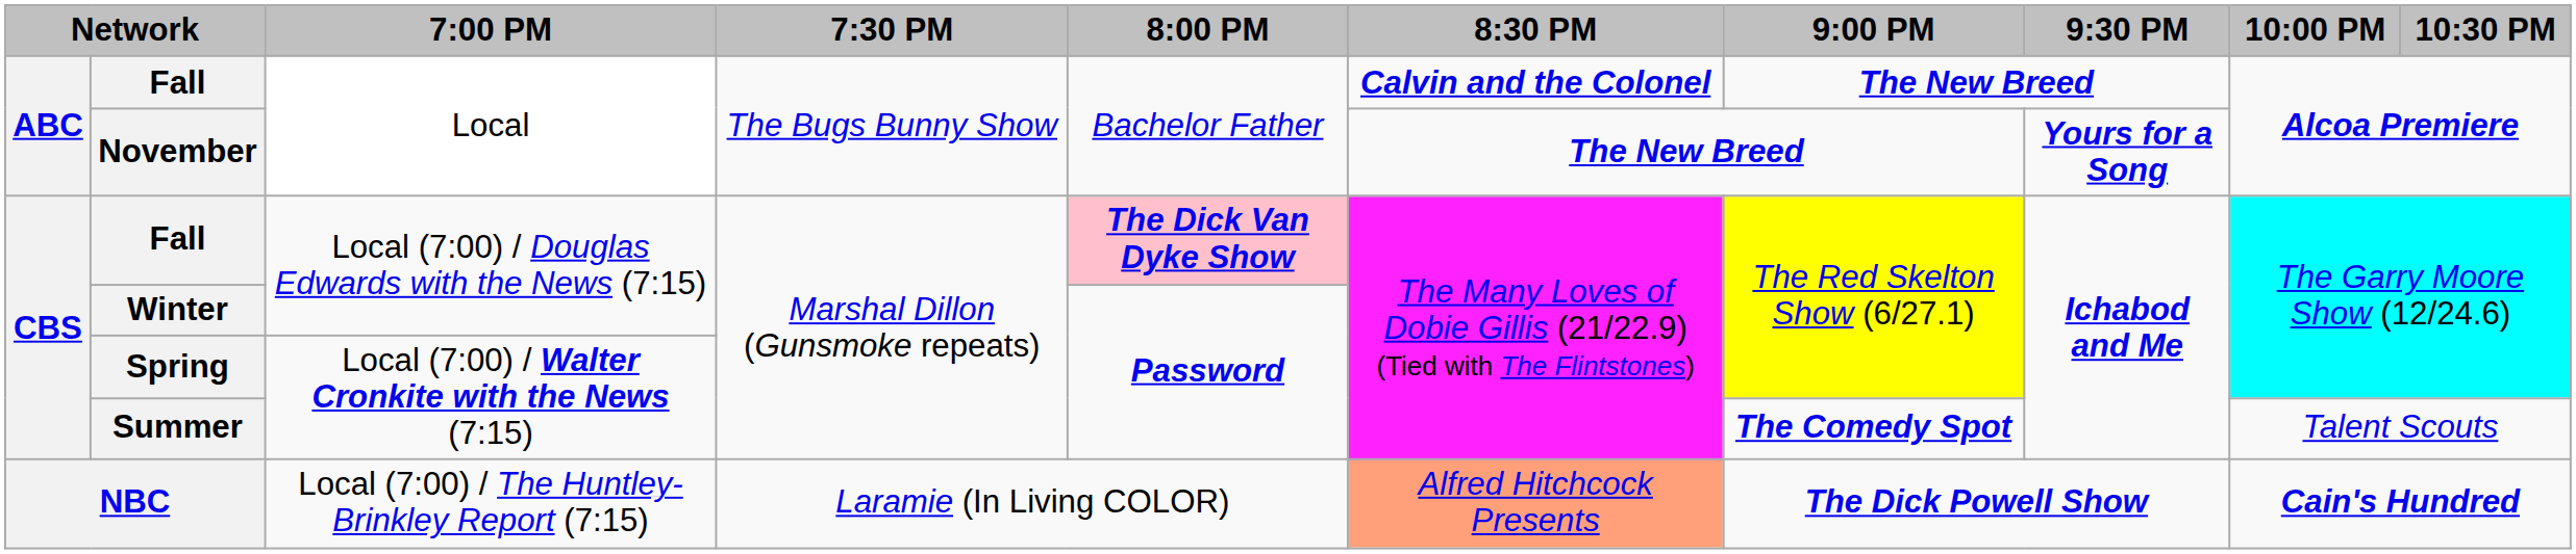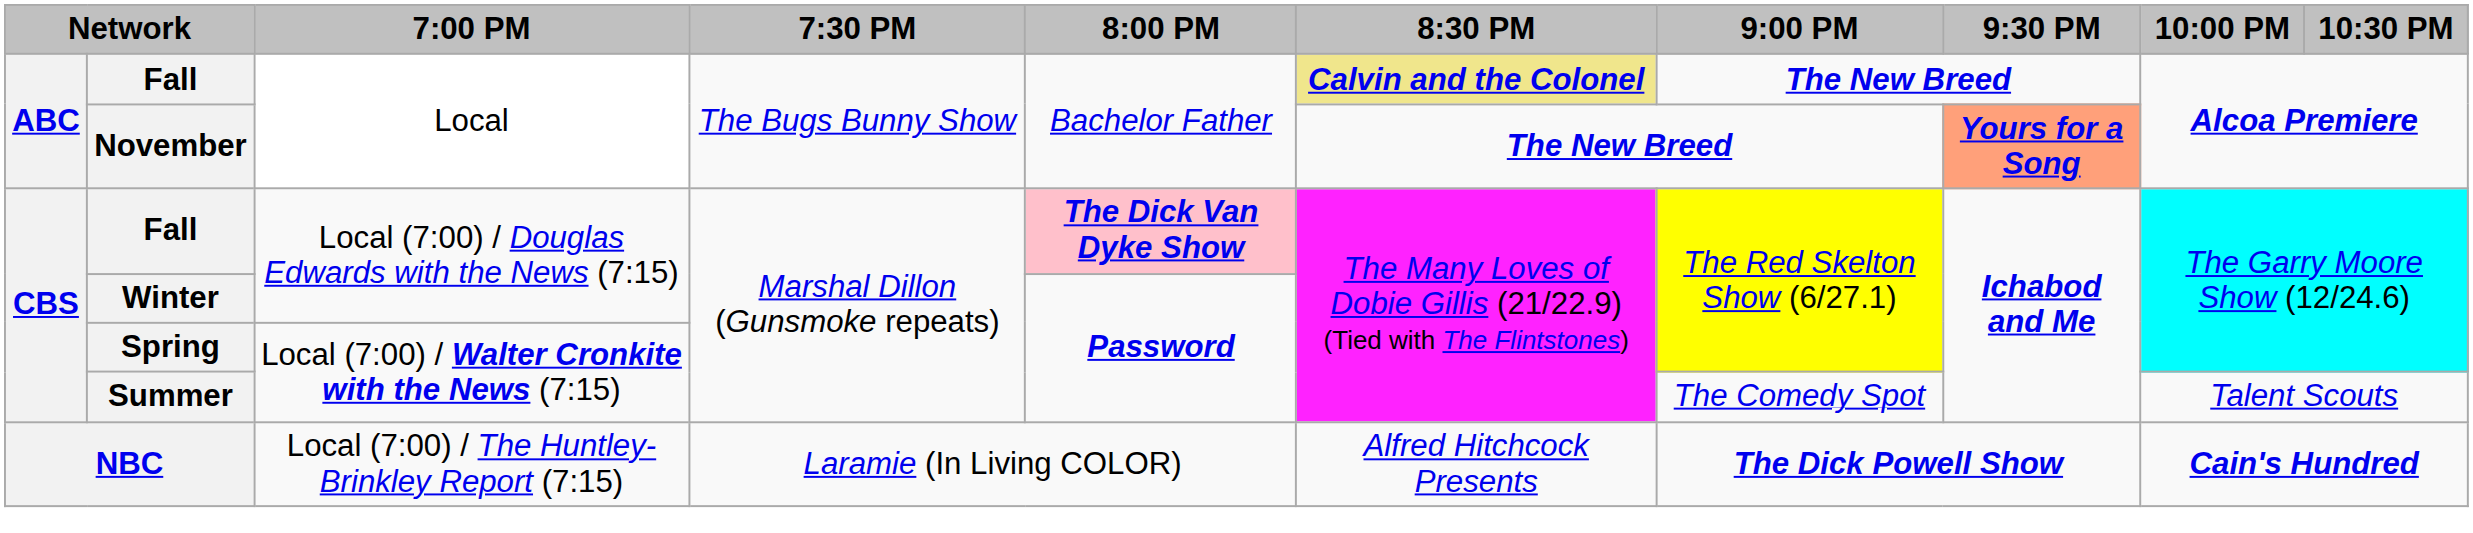 <table class="wikitable" style="width:100%;margin-right:0;text-align:center">
 <tr>
 <th colspan="2" style="background-color:#C0C0C0;text-align:center">Network</th>
 <th style="background-color:#C0C0C0;text-align:center">7:00 PM</th>
 <th style="background-color:#C0C0C0;text-align:center">7:30 PM</th>
 <th style="background-color:#C0C0C0;text-align:center">8:00 PM</th>
 <th style="background-color:#C0C0C0;text-align:center">8:30 PM</th>
 <th style="background-color:#C0C0C0;text-align:center">9:00 PM</th>
 <th style="background-color:#C0C0C0;text-align:center">9:30 PM</th>
 <th style="background-color:#C0C0C0;text-align:center">10:00 PM</th>
 <th style="background-color:#C0C0C0;text-align:center">10:30 PM</th>
 </tr>
 <tr>
 <th rowspan="2"><a href='#'>ABC</a></th>
 <th>Fall</th>
 <td bgcolor="white" rowspan="2">Local</td>
 <td rowspan="2"><em><a href='#'>The Bugs Bunny Show</a></em></td>
 <td rowspan="2"><em><a href='#'>Bachelor Father</a></em></td>
-<td><strong><em><a href='#'>Calvin and the Colonel</a></em></strong></td>
+<td style="background: khaki;"><strong><em><a href='#'>Calvin and the Colonel</a></em></strong></td>
 <td colspan="2"><strong><em><a href='#'>The New Breed</a></em></strong></td>
 <td rowspan="2" colspan="2"><strong><em><a href='#'>Alcoa Premiere</a></em></strong></td>
 </tr>
 <tr>
 <th>November</th>
 <td colspan="2"><strong><em><a href='#'>The New Breed</a></em></strong></td>
-<td><strong><em><a href='#'>Yours for a Song</a></em></strong></td>
+<td style="background: lightsalmon;"><strong><em><a href='#'>Yours for a Song</a></em></strong></td>
 </tr>
 <tr>
 <th rowspan="4"><a href='#'>CBS</a></th>
 <th>Fall</th>
 <td rowspan="2">Local (7:00) / <em><a href='#'>Douglas Edwards with the News</a></em> (7:15)</td>
 <td rowspan="4"><em><a href='#'>Marshal Dillon</a></em> (<em>Gunsmoke</em> repeats)</td>
 <td style="background: pink;"><strong><em><a href='#'>The Dick Van Dyke Show</a></em></strong></td>
 <td bgcolor="#FF22FF" rowspan="4"><em><a href='#'>The Many Loves of Dobie Gillis</a></em> (21/22.9)<br><small>(Tied with <em><a href='#'>The Flintstones</a></em>)</small></td>
 <td bgcolor="#FFFF00" rowspan="3"><em><a href='#'>The Red Skelton Show</a></em> (6/27.1)</td>
 <td rowspan="4"><strong><em><a href='#'>Ichabod and Me</a></em></strong></td>
 <td bgcolor="#00FFFF" rowspan="3" colspan="2"><em><a href='#'>The Garry Moore Show</a></em> (12/24.6)</td>
 </tr>
 <tr>
 <th>Winter</th>
 <td rowspan="3"><strong><em><a href='#'>Password</a></em></strong></td>
 </tr>
 <tr>
 <th>Spring</th>
 <td rowspan="2">Local (7:00) / <strong><em><a href='#'>Walter Cronkite with the News</a></em></strong> (7:15)</td>
 </tr>
 <tr>
 <th>Summer</th>
-<td><strong><em><a href='#'>The Comedy Spot</a></em></strong></td>
+<td><em><a href='#'>The Comedy Spot</a></em></td>
 <td colspan="2"><em><a href='#'>Talent Scouts</a></em></td>
 </tr>
 <tr>
 <th colspan="2"><a href='#'>NBC</a></th>
 <td>Local (7:00) / <em><a href='#'>The Huntley-Brinkley Report</a></em> (7:15)</td>
 <td colspan="2"><em><a href='#'>Laramie</a></em> (In Living <span>C</span><span>O</span><span>L</span><span>O</span><span>R</span>)</td>
-<td style="background: lightsalmon;"><em><a href='#'>Alfred Hitchcock Presents</a></em></td>
+<td><em><a href='#'>Alfred Hitchcock Presents</a></em></td>
 <td colspan="2"><strong><em><a href='#'>The Dick Powell Show</a></em></strong></td>
 <td colspan="2"><strong><em><a href='#'>Cain's Hundred</a></em></strong></td>
 </tr>
 </table>
